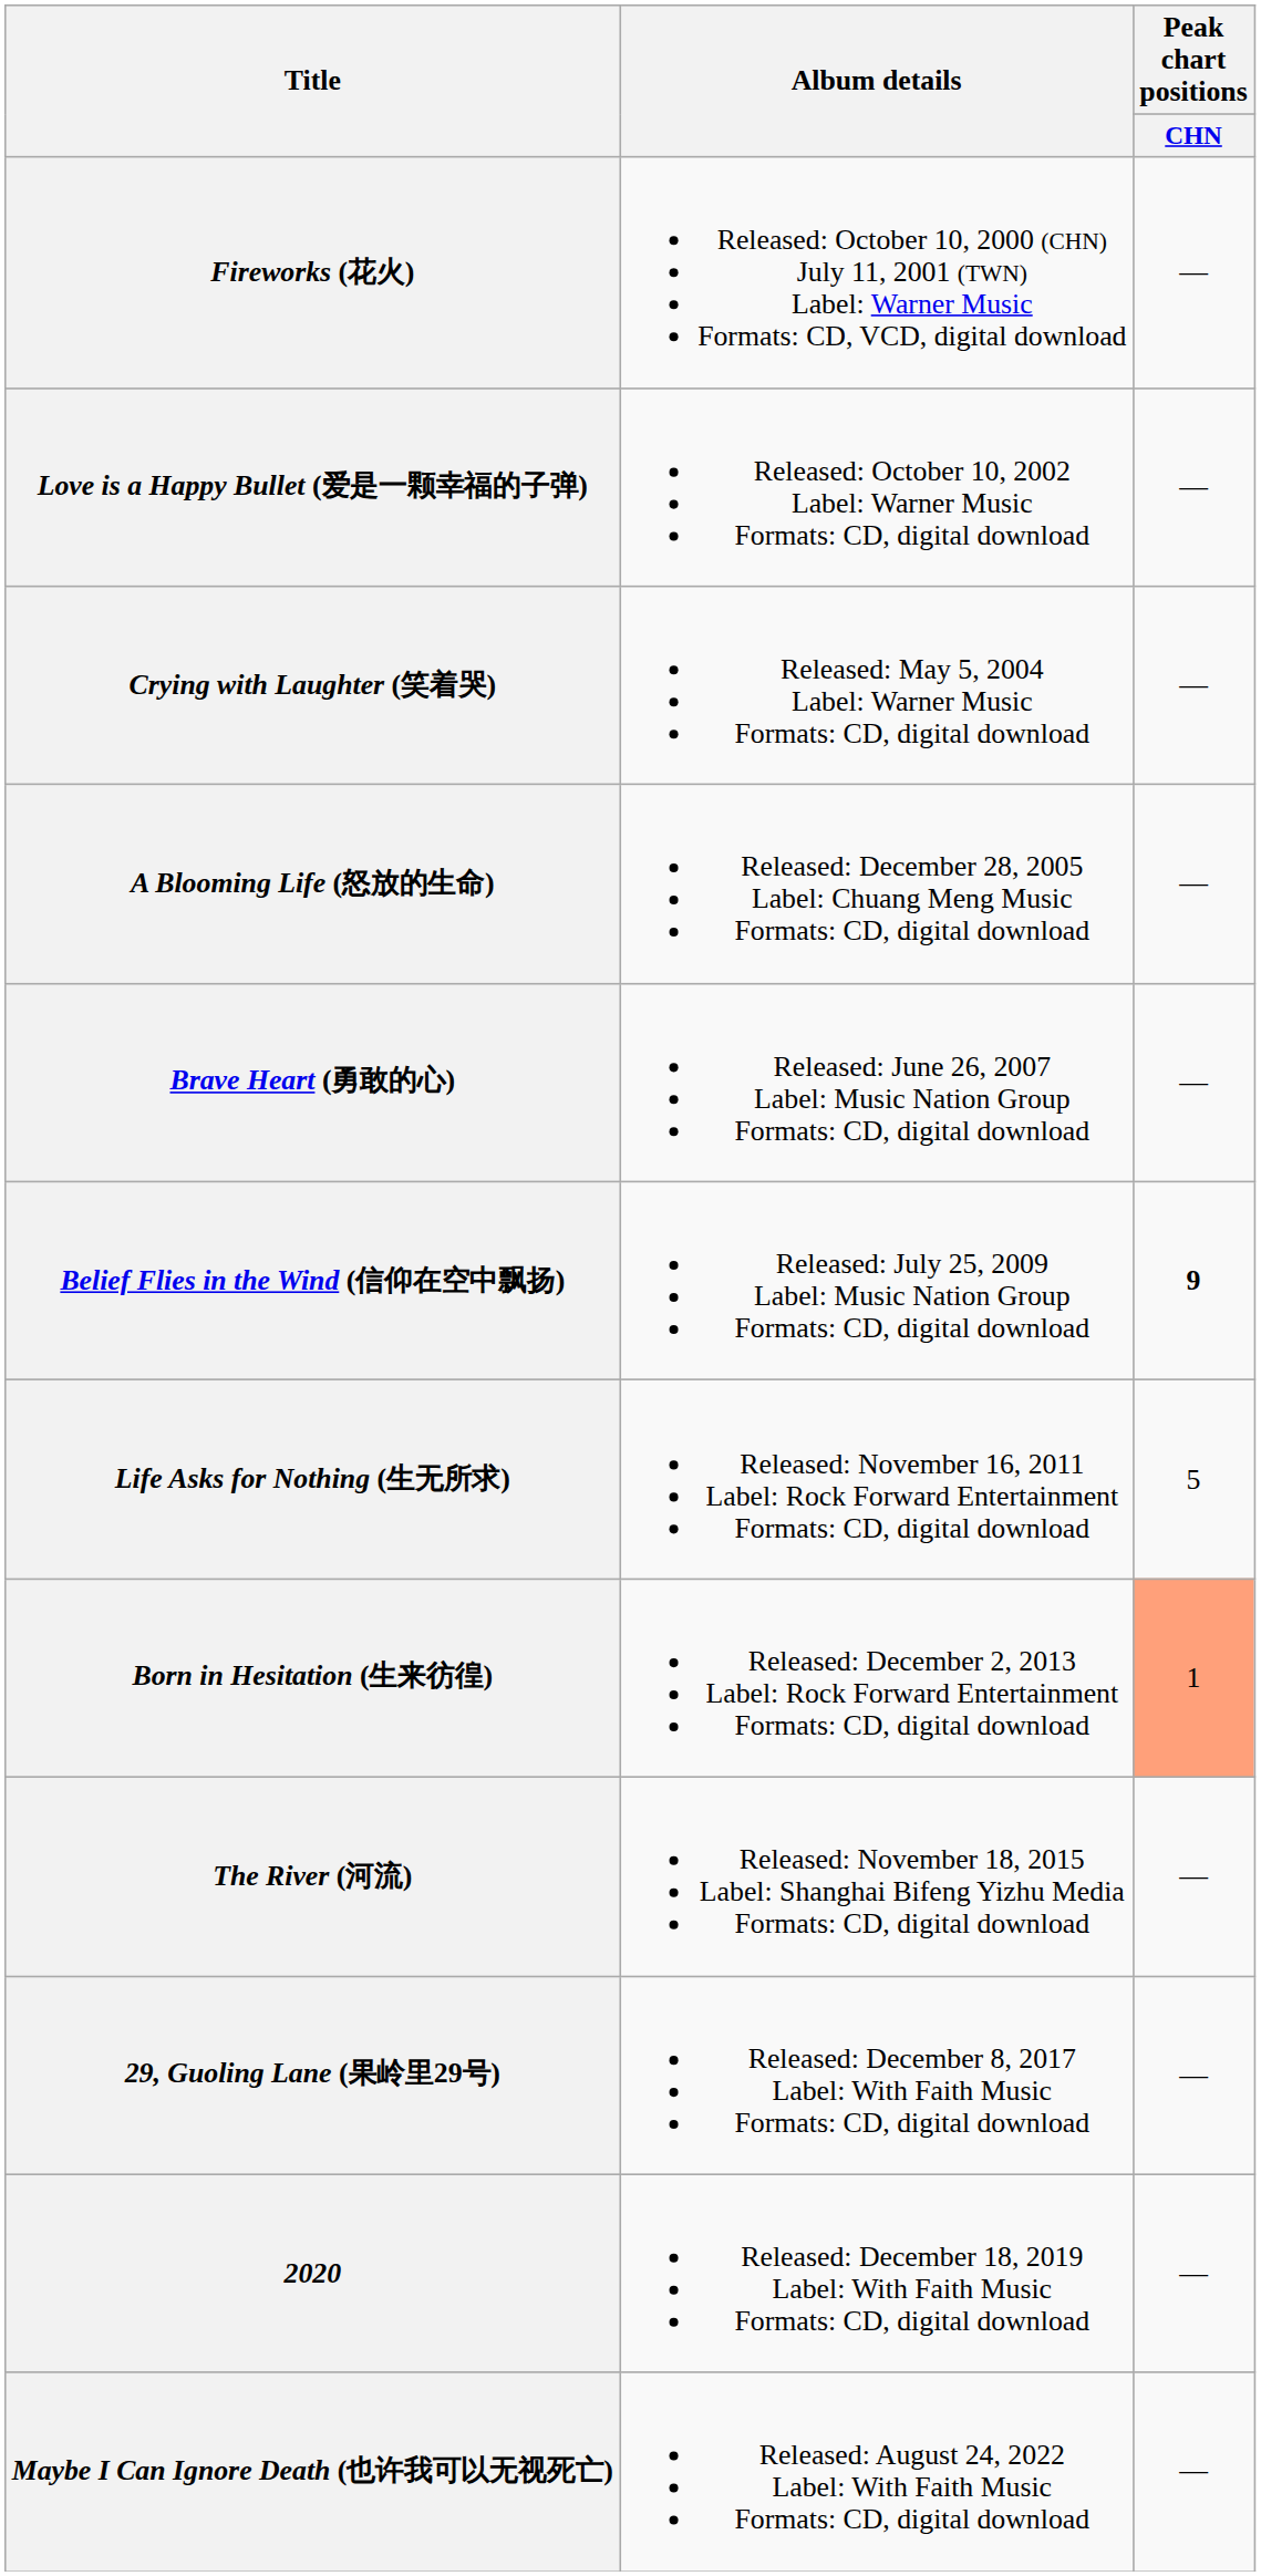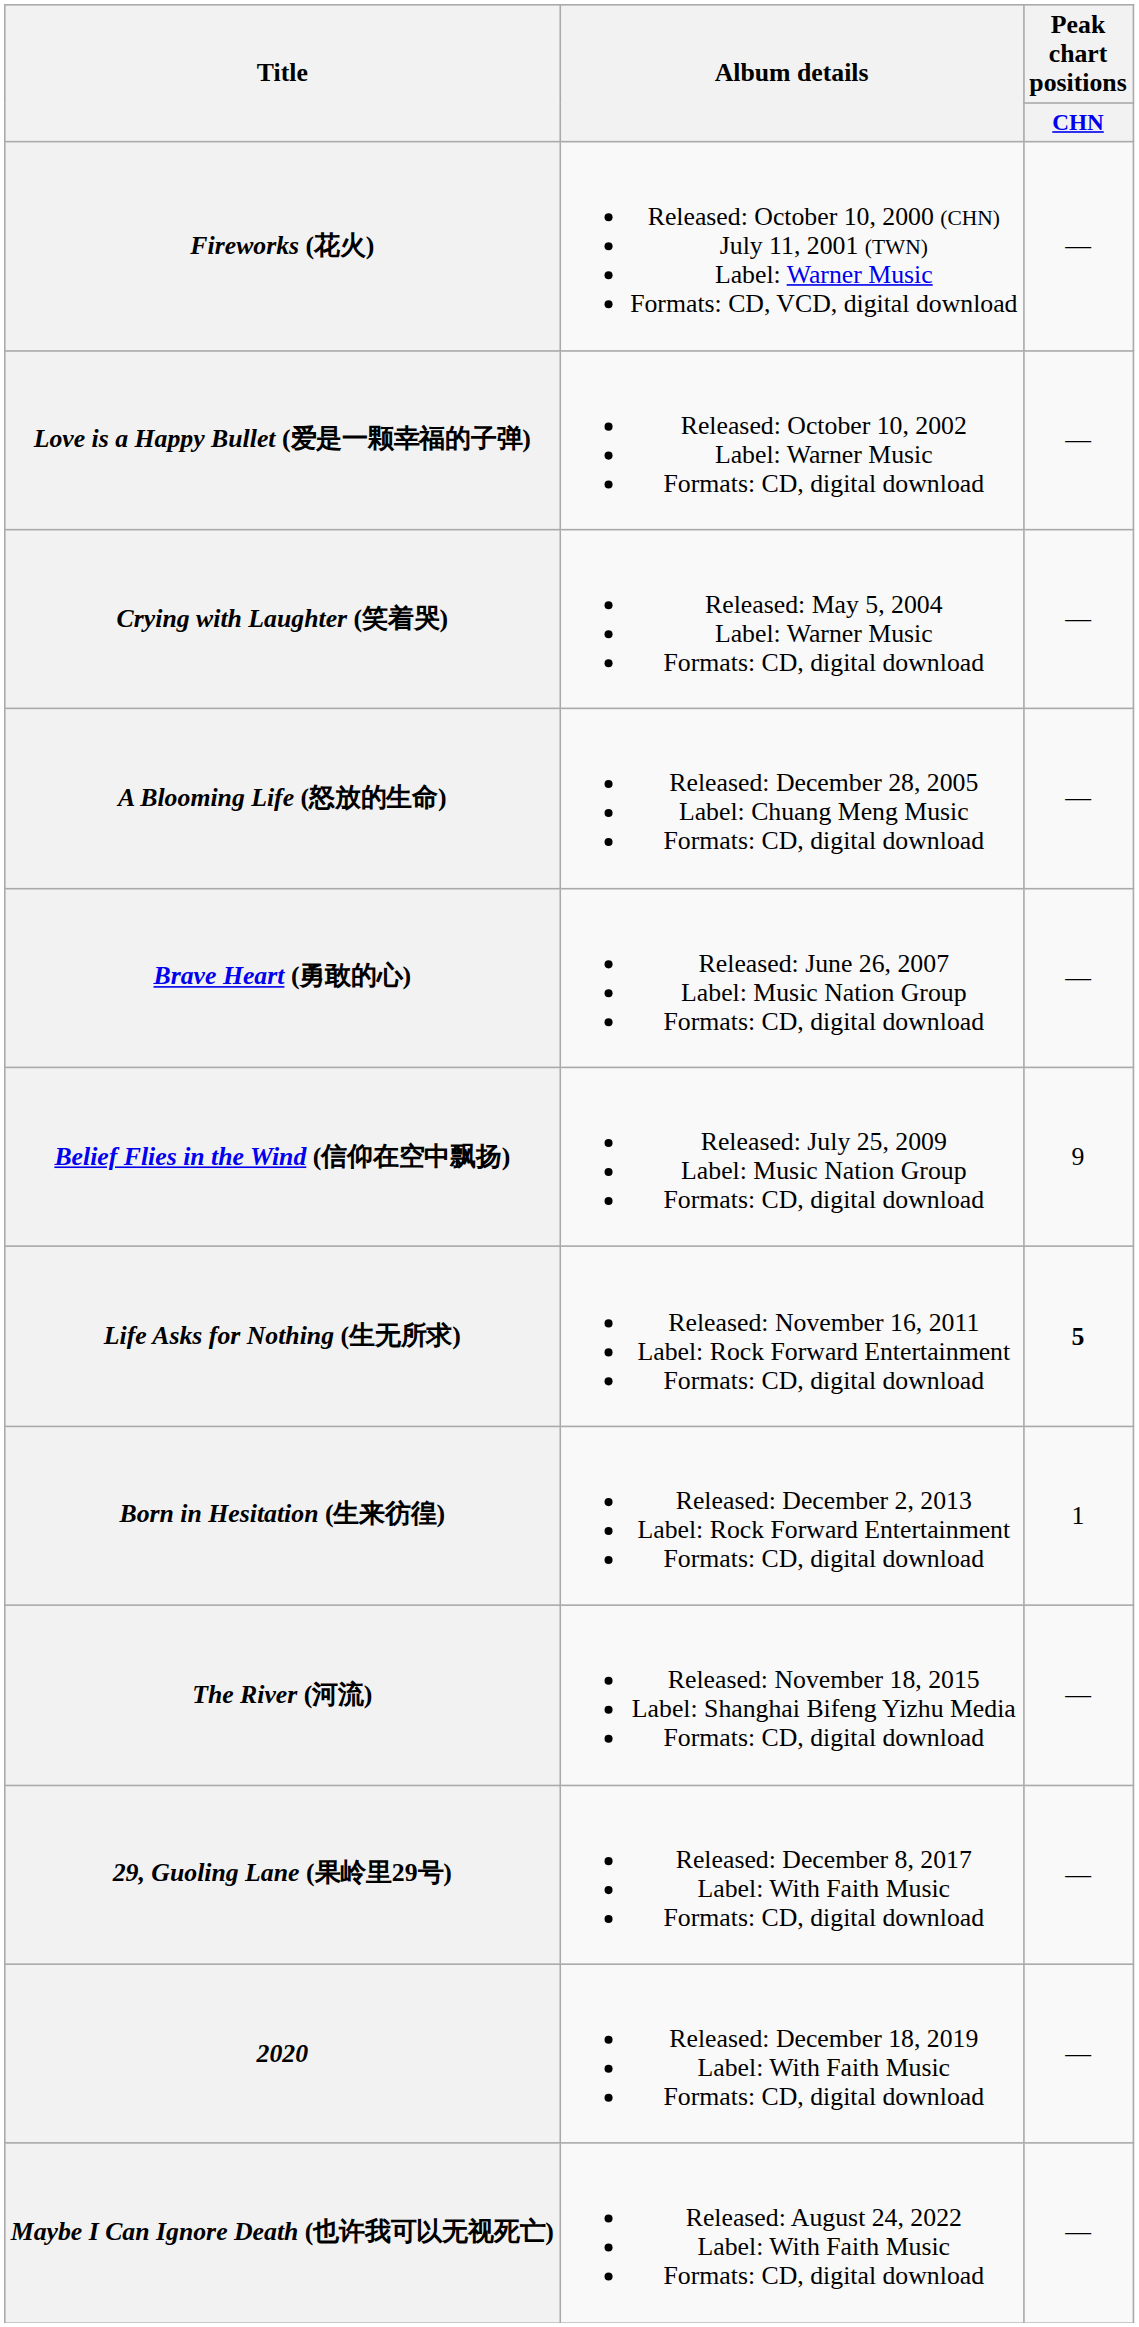 <table class="wikitable plainrowheaders" style="text-align:center;">
 <tr>
 <th rowspan="2">Title</th>
 <th rowspan="2">Album details</th>
 <th rowspan="1">Peak chart positions</th>
 </tr>
 <tr>
 <th scope="col" style="width:3em;font-size:90%;"><a href='#'>CHN</a><br></th>
 </tr>
 <tr>
 <th scope="row"><em>Fireworks</em> (花火)</th>
 <td><br><ul><li>Released: October 10, 2000 <small>(CHN)</small></li><li>July 11, 2001 <small>(TWN)</small></li><li>Label: <a href='#'>Warner Music</a></li><li>Formats: CD, VCD, digital download</li></ul></td>
 <td>—</td>
 </tr>
 <tr>
 <th scope="row"><em>Love is a Happy Bullet</em> (爱是一颗幸福的子弹)</th>
 <td><br><ul><li>Released: October 10, 2002</li><li>Label: Warner Music</li><li>Formats: CD, digital download</li></ul></td>
 <td>—</td>
 </tr>
 <tr>
 <th scope="row"><em>Crying with Laughter</em> (笑着哭)</th>
 <td><br><ul><li>Released: May 5, 2004</li><li>Label: Warner Music</li><li>Formats: CD, digital download</li></ul></td>
 <td>—</td>
 </tr>
 <tr>
 <th scope="row"><em>A Blooming Life</em> (怒放的生命)</th>
 <td><br><ul><li>Released: December 28, 2005</li><li>Label: Chuang Meng Music</li><li>Formats: CD, digital download</li></ul></td>
 <td>—</td>
 </tr>
 <tr>
 <th scope="row"><a href='#'><em>Brave Heart</em></a> (勇敢的心)</th>
 <td><br><ul><li>Released: June 26, 2007</li><li>Label: Music Nation Group</li><li>Formats: CD, digital download</li></ul></td>
 <td>—</td>
 </tr>
 <tr>
 <th scope="row"><em><a href='#'>Belief Flies in the Wind</a></em> (信仰在空中飘扬)</th>
 <td><br><ul><li>Released: July 25, 2009</li><li>Label: Music Nation Group</li><li>Formats: CD, digital download</li></ul></td>
-<td><strong>9</strong></td>
+<td>9</td>
 </tr>
 <tr>
 <th scope="row"><em>Life Asks for Nothing</em> (生无所求)</th>
 <td><br><ul><li>Released: November 16, 2011</li><li>Label: Rock Forward Entertainment</li><li>Formats: CD, digital download</li></ul></td>
-<td>5</td>
+<td><strong>5</strong></td>
 </tr>
 <tr>
 <th scope="row"><em>Born in Hesitation</em> (生来彷徨)</th>
 <td><br><ul><li>Released: December 2, 2013</li><li>Label: Rock Forward Entertainment</li><li>Formats: CD, digital download</li></ul></td>
-<td style="background: lightsalmon;">1</td>
+<td>1</td>
 </tr>
 <tr>
 <th scope="row"><em>The River</em> (河流)</th>
 <td><br><ul><li>Released: November 18, 2015</li><li>Label: Shanghai Bifeng Yizhu Media</li><li>Formats: CD, digital download</li></ul></td>
 <td>—</td>
 </tr>
 <tr>
 <th scope="row"><em>29, Guoling Lane</em> (果岭里29号)</th>
 <td><br><ul><li>Released: December 8, 2017</li><li>Label: With Faith Music</li><li>Formats: CD, digital download</li></ul></td>
 <td>—</td>
 </tr>
 <tr>
 <th scope="row"><em>2020</em></th>
 <td><br><ul><li>Released: December 18, 2019</li><li>Label: With Faith Music</li><li>Formats: CD, digital download</li></ul></td>
 <td>—</td>
 </tr>
 <tr>
 <th scope="row"><em>Maybe I Can Ignore Death</em> (也许我可以无视死亡)</th>
 <td><br><ul><li>Released: August 24, 2022</li><li>Label: With Faith Music</li><li>Formats: CD, digital download</li></ul></td>
 <td>—</td>
 </tr>
 </table>
